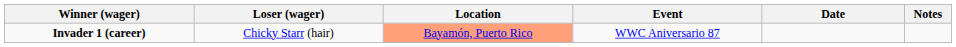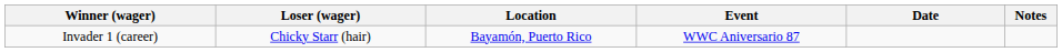 <table class="wikitable sortable" width=100%  style="text-align: center">
 <tr>
 <th width=20% scope="col">Winner (wager)</th>
 <th width=20% scope="col">Loser (wager)</th>
 <th width=20% scope="col">Location</th>
 <th width=20% scope="col">Event</th>
 <th width=15% scope="col">Date</th>
 <th class="unsortable" width=5% scope="col">Notes</th>
 </tr>
 <tr>
-<td><strong>Invader 1 (career)</strong></td>
+<td>Invader 1 (career)</td>
 <td><a href='#'>Chicky Starr</a> (hair)</td>
-<td style="background: lightsalmon;"><a href='#'>Bayamón, Puerto Rico</a></td>
+<td><a href='#'>Bayamón, Puerto Rico</a></td>
 <td><a href='#'>WWC Aniversario 87</a></td>
 <td></td>
 <td></td>
 </tr>
 </table>
